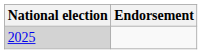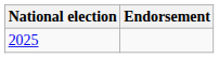 <table class="wikitable">
 <tr>
 <th>National election</th>
 <th colspan="2">Endorsement</th>
 </tr>
 <tr>
-<td style="background: lightgrey;"><a href='#'>2025</a></td>
+<td><a href='#'>2025</a></td>
 <td></td>
 </tr>
 </table>
